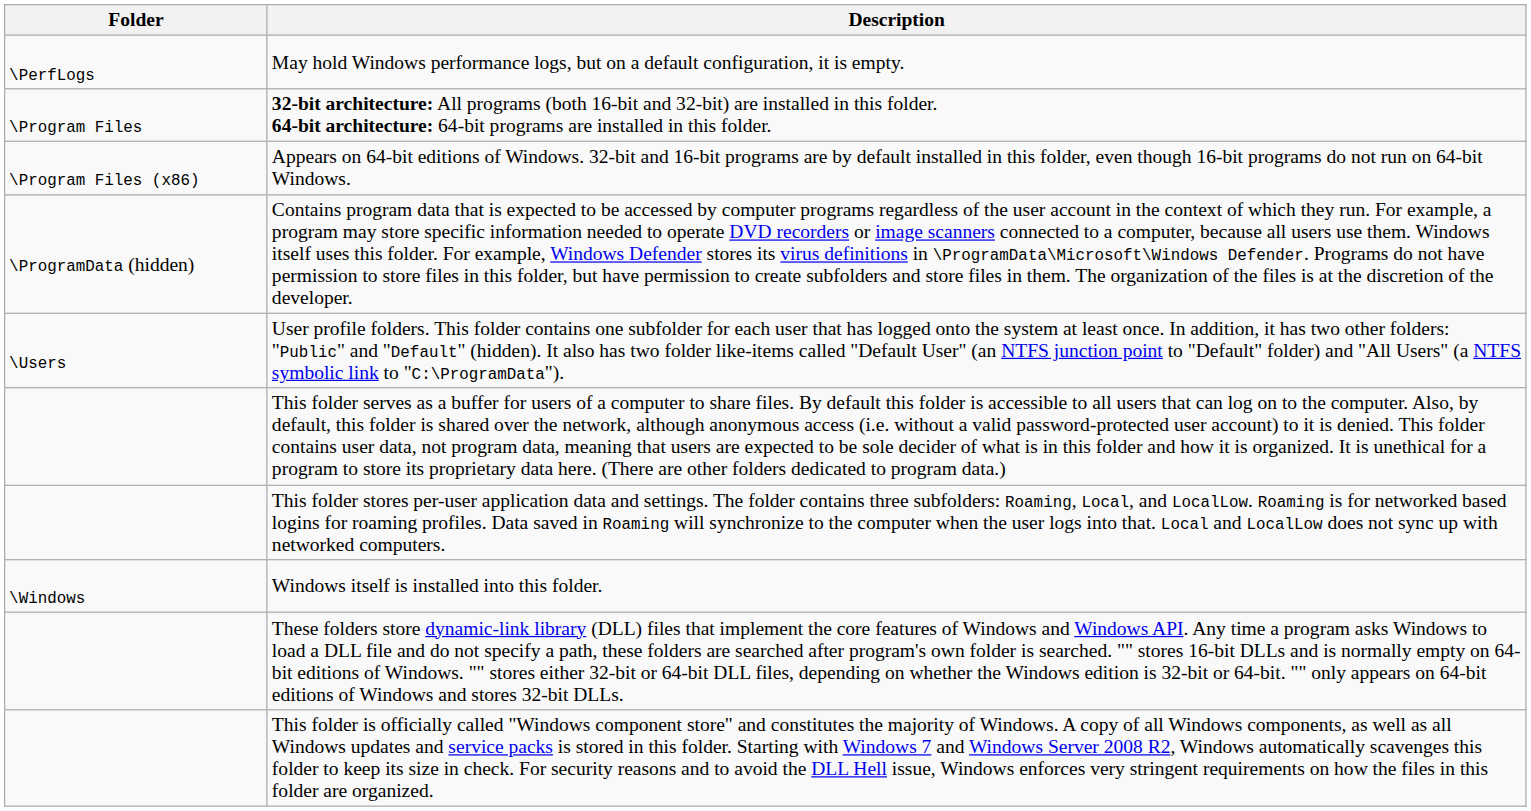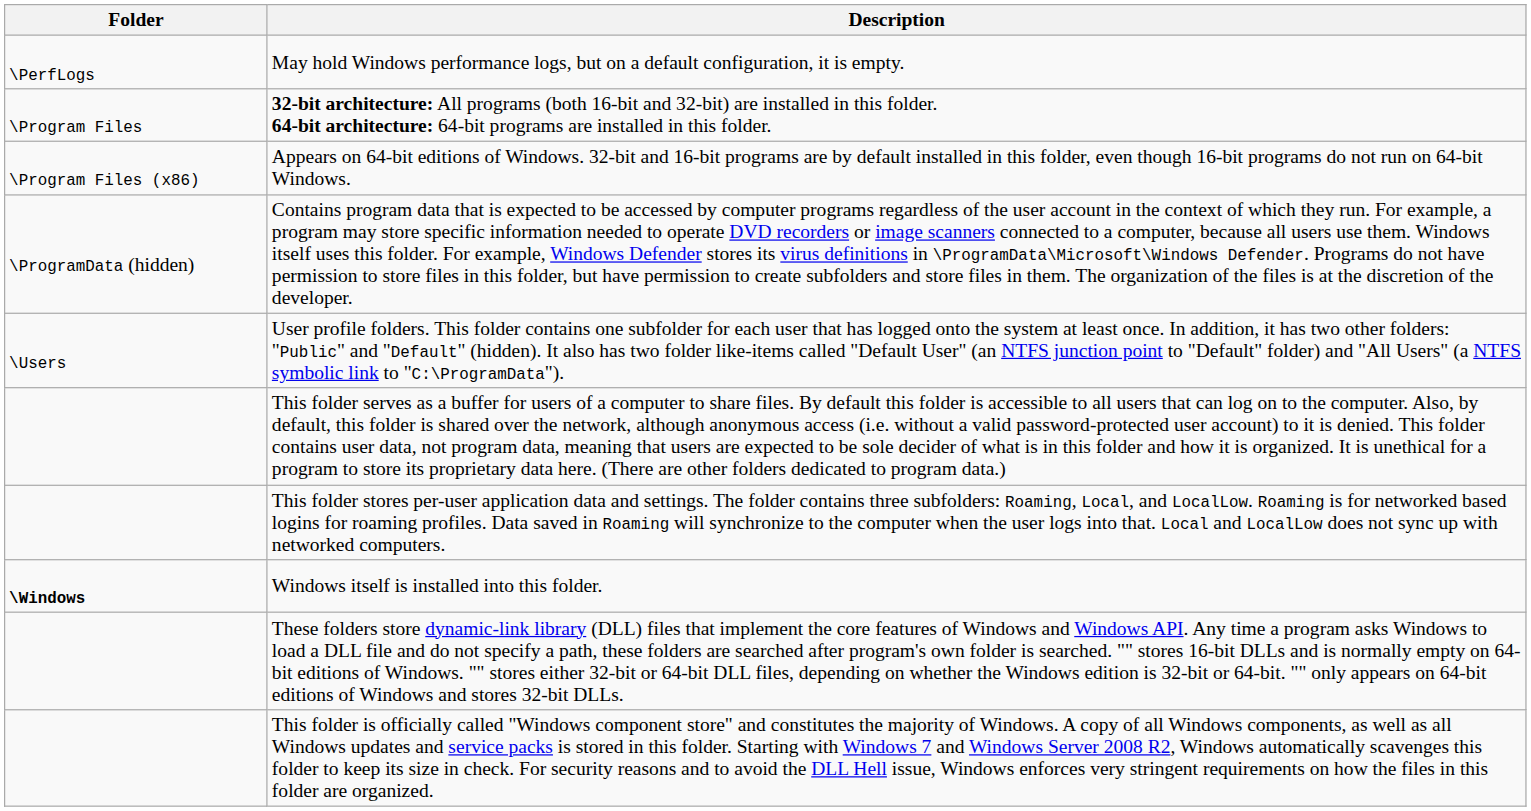 <table class="wikitable">
 <tr>
 <th style="width:13em">Folder</th>
 <th>Description</th>
 </tr>
 <tr>
 <td><br><code>\PerfLogs</code></td>
 <td>May hold Windows performance logs, but on a default configuration, it is empty.</td>
 </tr>
 <tr>
 <td><br><code>\Program Files</code></td>
 <td><strong>32-bit architecture:</strong> All programs (both 16-bit and 32-bit) are installed in this folder.<br><strong>64-bit architecture:</strong> 64-bit programs are installed in this folder.</td>
 </tr>
 <tr>
 <td><br><code>\Program Files (x86)</code></td>
 <td>Appears on 64-bit editions of Windows. 32-bit and 16-bit programs are by default installed in this folder, even though 16-bit programs do not run on 64-bit Windows.</td>
 </tr>
 <tr>
 <td><br><code>\ProgramData</code> (hidden)</td>
 <td>Contains program data that is expected to be accessed by computer programs regardless of the user account in the context of which they run. For example, a program may store specific information needed to operate <a href='#'>DVD recorders</a> or <a href='#'>image scanners</a> connected to a computer, because all users use them. Windows itself uses this folder. For example, <a href='#'>Windows Defender</a> stores its <a href='#'>virus definitions</a> in <code>\ProgramData\Microsoft\Windows Defender</code>. Programs do not have permission to store files in this folder, but have permission to create subfolders and store files in them. The organization of the files is at the discretion of the developer.</td>
 </tr>
 <tr>
 <td><br><code>\Users</code></td>
 <td>User profile folders. This folder contains one subfolder for each user that has logged onto the system at least once. In addition, it has two other folders: "<code>Public</code>" and "<code>Default</code>" (hidden). It also has two folder like-items called "Default User" (an <a href='#'>NTFS junction point</a> to "Default" folder) and "All Users" (a <a href='#'>NTFS symbolic link</a> to "<code>C:\ProgramData</code>").</td>
 </tr>
 <tr>
 <td><br></td>
 <td>This folder serves as a buffer for users of a computer to share files. By default this folder is accessible to all users that can log on to the computer. Also, by default, this folder is shared over the network, although anonymous access (i.e. without a valid password-protected user account) to it is denied. This folder contains user data, not program data, meaning that users are expected to be sole decider of what is in this folder and how it is organized. It is unethical for a program to store its proprietary data here. (There are other folders dedicated to program data.)</td>
 </tr>
 <tr>
 <td><br></td>
 <td>This folder stores per-user application data and settings. The folder contains three subfolders: <code>Roaming</code>, <code>Local</code>, and <code>LocalLow</code>. <code>Roaming</code> is for networked based logins for roaming profiles. Data saved in <code>Roaming</code> will synchronize to the computer when the user logs into that. <code>Local</code> and <code>LocalLow</code> does not sync up with networked computers. </td>
 </tr>
 <tr>
-<td><br><code>\Windows</code></td>
+<td><strong><br><code>\Windows</code></strong></td>
 <td>Windows itself is installed into this folder.</td>
 </tr>
 <tr>
 <td><br></td>
 <td>These folders store <a href='#'>dynamic-link library</a> (DLL) files that implement the core features of Windows and <a href='#'>Windows API</a>. Any time a program asks Windows to load a DLL file and do not specify a path, these folders are searched after program's own folder is searched. "" stores 16-bit DLLs and is normally empty on 64-bit editions of Windows. "" stores either 32-bit or 64-bit DLL files, depending on whether the Windows edition is 32-bit or 64-bit. "" only appears on 64-bit editions of Windows and stores 32-bit DLLs.</td>
 </tr>
 <tr>
 <td><br></td>
 <td>This folder is officially called "Windows component store" and constitutes the majority of Windows. A copy of all Windows components, as well as all Windows updates and <a href='#'>service packs</a> is stored in this folder. Starting with <a href='#'>Windows 7</a> and <a href='#'>Windows Server 2008 R2</a>, Windows automatically scavenges this folder to keep its size in check. For security reasons and to avoid the <a href='#'>DLL Hell</a> issue, Windows enforces very stringent requirements on how the files in this folder are organized.</td>
 </tr>
 </table>
